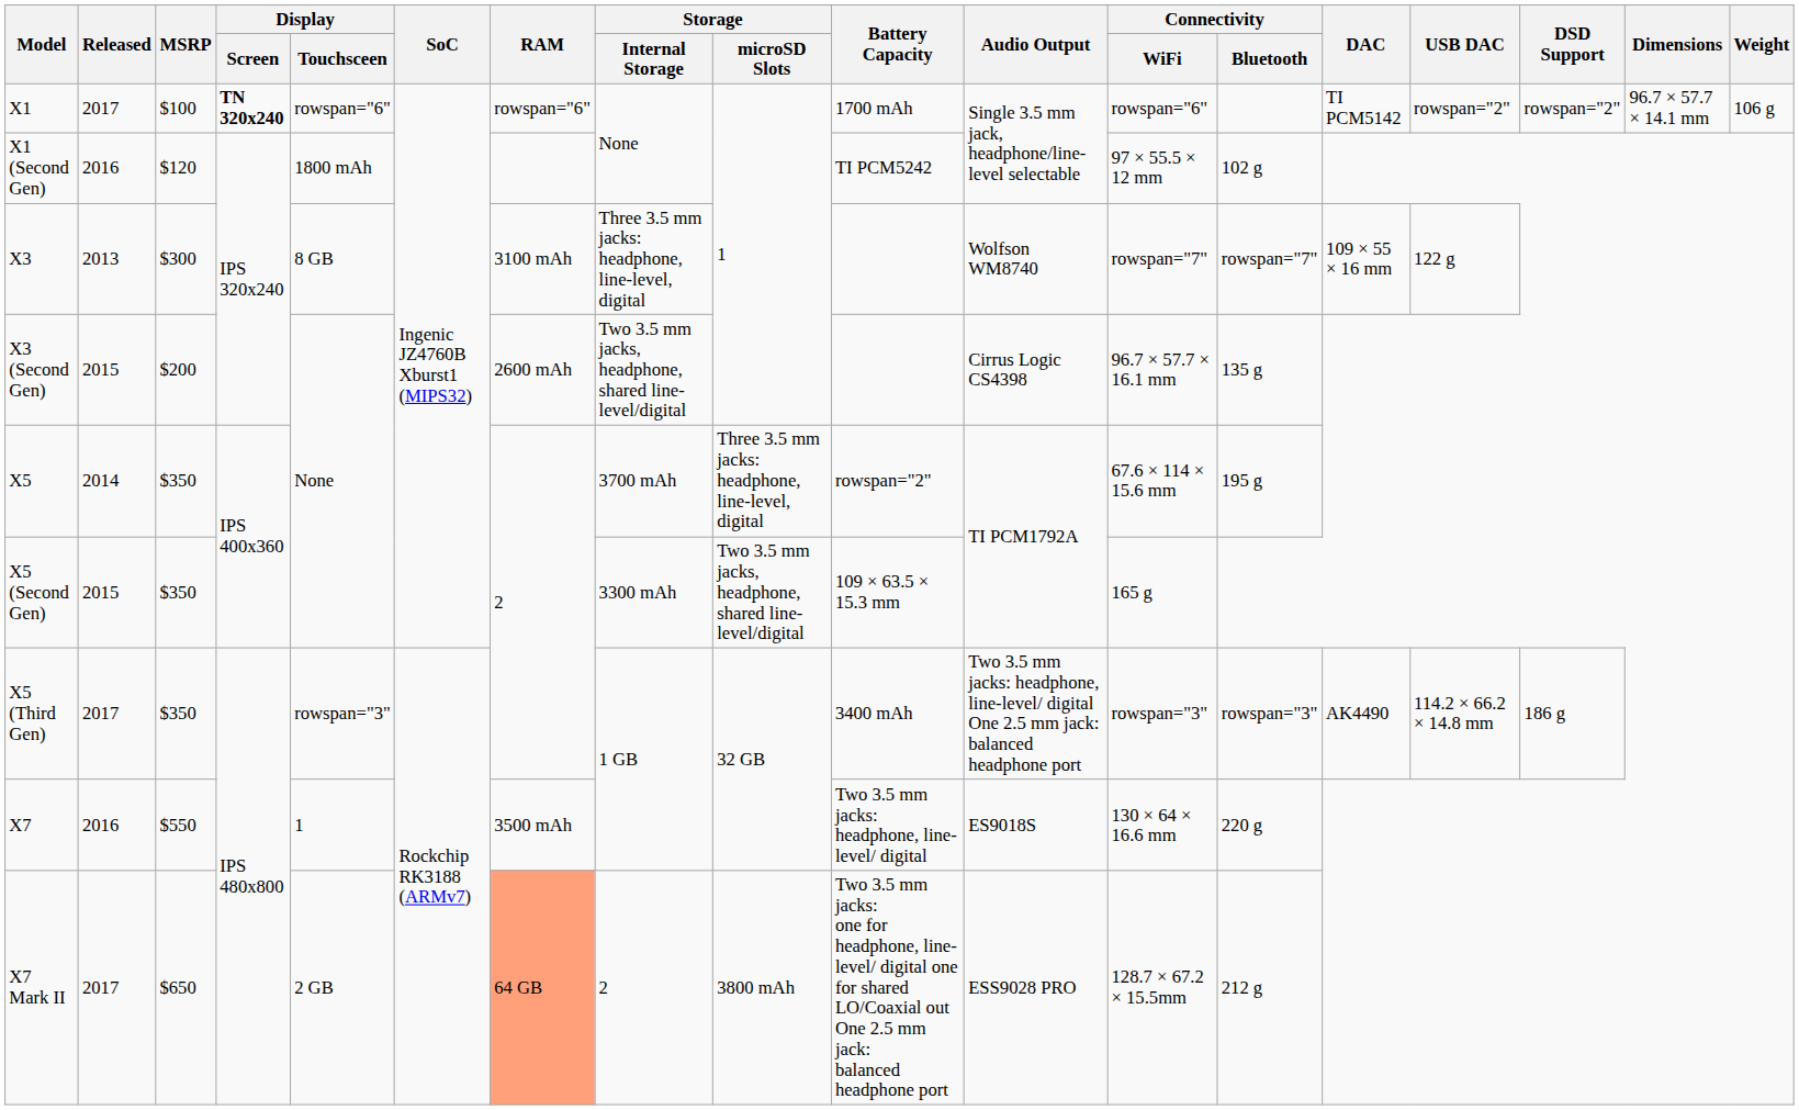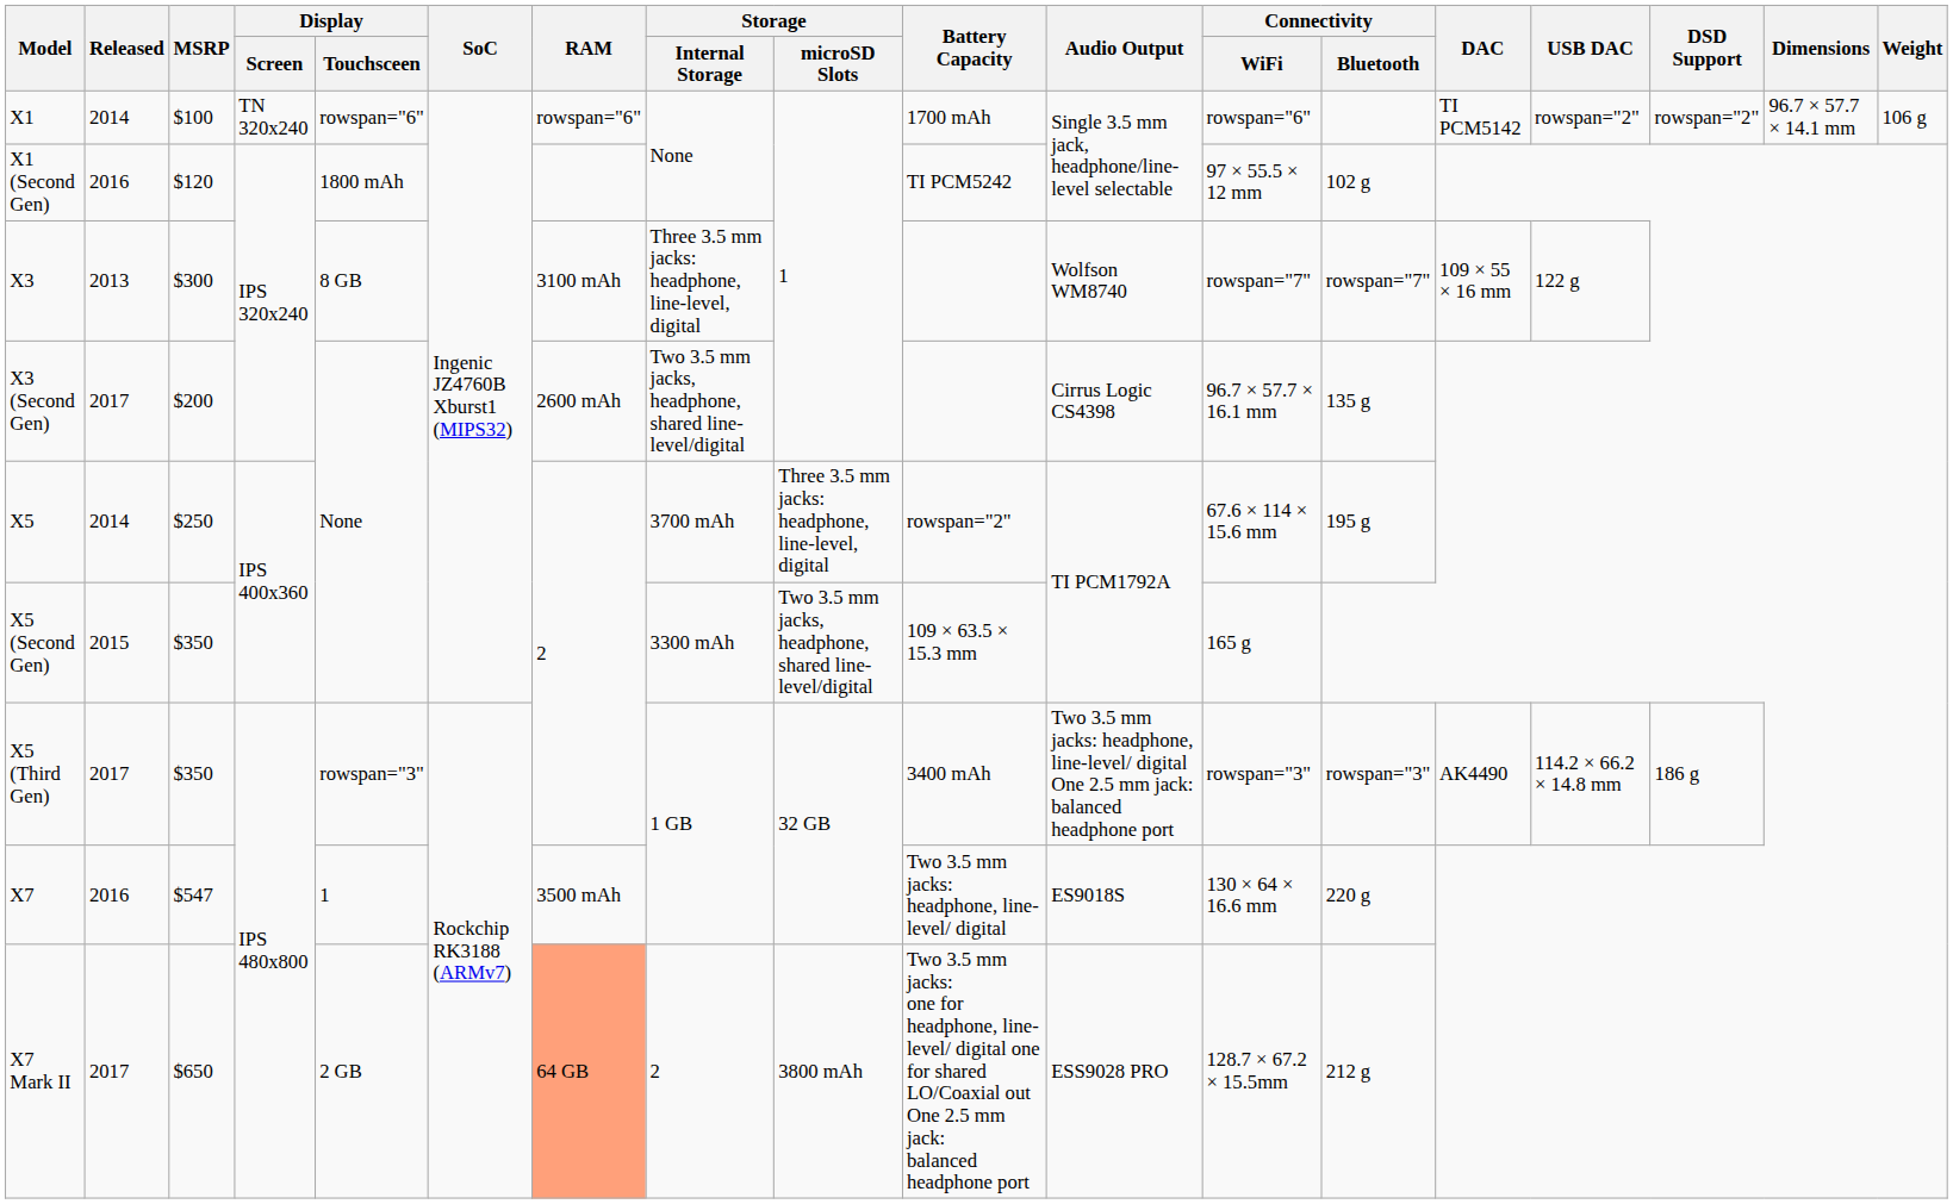 <table class="wikitable">
 <tr>
 <th rowspan="2">Model</th>
 <th rowspan="2">Released</th>
 <th rowspan="2">MSRP</th>
 <th colspan="2">Display</th>
 <th rowspan="2">SoC</th>
 <th rowspan="2">RAM</th>
 <th colspan="2">Storage</th>
 <th rowspan="2">Battery Capacity</th>
 <th rowspan="2">Audio Output</th>
 <th colspan="2">Connectivity</th>
 <th rowspan="2">DAC</th>
 <th rowspan="2">USB DAC</th>
 <th rowspan="2">DSD Support</th>
 <th rowspan="2">Dimensions</th>
 <th rowspan="2">Weight</th>
 </tr>
 <tr>
 <th>Screen</th>
 <th>Touchsceen</th>
 <th>Internal Storage</th>
 <th>microSD Slots</th>
 <th>WiFi</th>
 <th>Bluetooth</th>
 </tr>
 <tr>
 <td>X1 </td>
-<td>2017</td>
+<td>2014</td>
 <td>$100</td>
-<td><strong>TN 320x240</strong></td>
+<td>TN 320x240</td>
 <td>rowspan="6" </td>
 <td rowspan="6">Ingenic JZ4760B Xburst1 (<a href='#'>MIPS32</a>)</td>
 <td>rowspan="6" </td>
 <td rowspan="2">None</td>
 <td rowspan="4">1</td>
 <td>1700 mAh</td>
 <td rowspan="2">Single 3.5 mm jack,<br>headphone/line-level selectable</td>
 <td>rowspan="6" </td>
 <td></td>
 <td>TI PCM5142</td>
 <td>rowspan="2" </td>
 <td>rowspan="2" </td>
 <td>96.7 × 57.7 × 14.1 mm</td>
 <td>106 g</td>
 </tr>
 <tr>
 <td>X1 (Second Gen) </td>
 <td>2016</td>
 <td>$120</td>
 <td rowspan="3">IPS 320x240</td>
 <td>1800 mAh</td>
 <td></td>
 <td>TI PCM5242</td>
 <td>97 × 55.5 × 12 mm</td>
 <td>102 g</td>
 </tr>
 <tr>
 <td>X3 </td>
 <td>2013</td>
 <td>$300</td>
 <td>8 GB</td>
 <td>3100 mAh</td>
 <td>Three 3.5 mm jacks: headphone, line-level, digital</td>
 <td></td>
 <td>Wolfson WM8740</td>
 <td>rowspan="7" </td>
 <td>rowspan="7" </td>
 <td>109 × 55 × 16 mm</td>
 <td>122 g</td>
 </tr>
 <tr>
 <td>X3 (Second Gen) </td>
-<td>2015</td>
+<td>2017</td>
 <td>$200</td>
 <td rowspan="3">None</td>
 <td>2600 mAh</td>
 <td>Two 3.5 mm jacks, headphone, shared line-level/digital</td>
 <td></td>
 <td>Cirrus Logic CS4398</td>
 <td>96.7 × 57.7 × 16.1 mm</td>
 <td>135 g</td>
 </tr>
 <tr>
 <td>X5 </td>
 <td>2014</td>
-<td>$350</td>
+<td>$250</td>
 <td rowspan="2">IPS 400x360</td>
 <td rowspan="3">2</td>
 <td>3700 mAh</td>
 <td>Three 3.5 mm jacks: headphone, line-level, digital</td>
 <td>rowspan="2" </td>
 <td rowspan="2">TI PCM1792A</td>
 <td>67.6 × 114 × 15.6 mm</td>
 <td>195 g</td>
 </tr>
 <tr>
 <td>X5 (Second Gen) </td>
 <td>2015</td>
 <td>$350</td>
 <td>3300 mAh</td>
 <td>Two 3.5 mm jacks, headphone, shared line-level/digital</td>
 <td>109 × 63.5 × 15.3 mm</td>
 <td>165 g</td>
 </tr>
 <tr>
 <td>X5 (Third Gen) </td>
 <td>2017</td>
 <td>$350</td>
 <td rowspan="3">IPS 480x800</td>
 <td>rowspan="3" </td>
 <td rowspan="3">Rockchip RK3188 (<a href='#'>ARMv7</a>)</td>
 <td rowspan="2">1 GB</td>
 <td rowspan="2">32 GB</td>
 <td>3400 mAh</td>
 <td>Two 3.5 mm jacks: headphone, line-level/ digital<br>One 2.5 mm jack: balanced headphone port</td>
 <td>rowspan="3" </td>
 <td>rowspan="3" </td>
 <td>AK4490</td>
 <td>114.2 × 66.2 × 14.8 mm</td>
 <td>186 g</td>
 </tr>
 <tr>
 <td>X7 </td>
 <td>2016</td>
-<td>$550</td>
+<td>$547</td>
 <td>1</td>
 <td>3500 mAh</td>
 <td>Two 3.5 mm jacks: headphone, line-level/ digital</td>
 <td>ES9018S</td>
 <td>130 × 64 × 16.6 mm</td>
 <td>220 g</td>
 </tr>
 <tr>
 <td>X7 Mark II </td>
 <td>2017</td>
 <td>$650</td>
 <td>2 GB</td>
 <td style="background: lightsalmon;">64 GB</td>
 <td>2</td>
 <td>3800 mAh</td>
 <td>Two 3.5 mm jacks:<br>one for headphone, line-level/ digital one for shared LO/Coaxial out<br>One 2.5 mm jack:<br>balanced headphone port</td>
 <td>ESS9028 PRO</td>
 <td>128.7 × 67.2 × 15.5mm</td>
 <td>212 g</td>
 </tr>
 </table>
